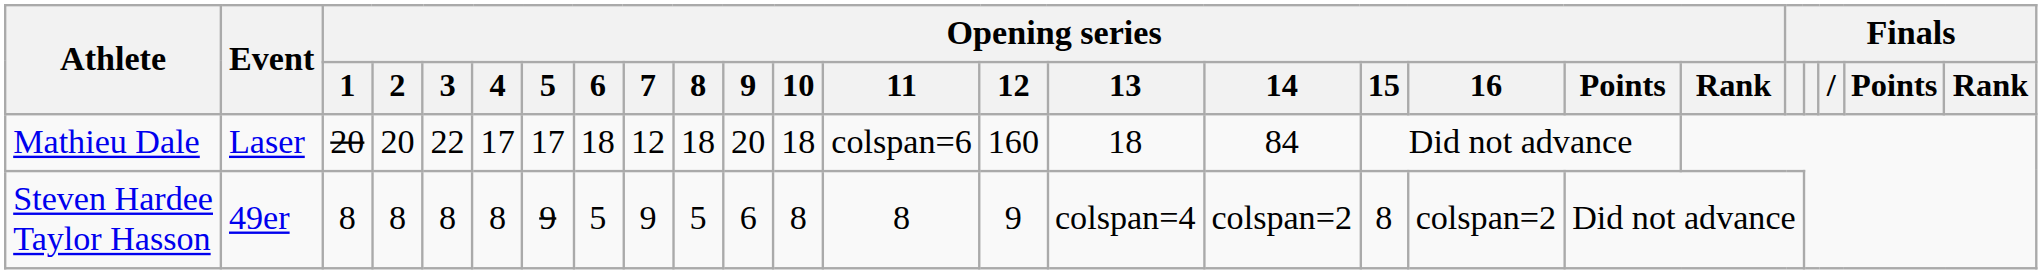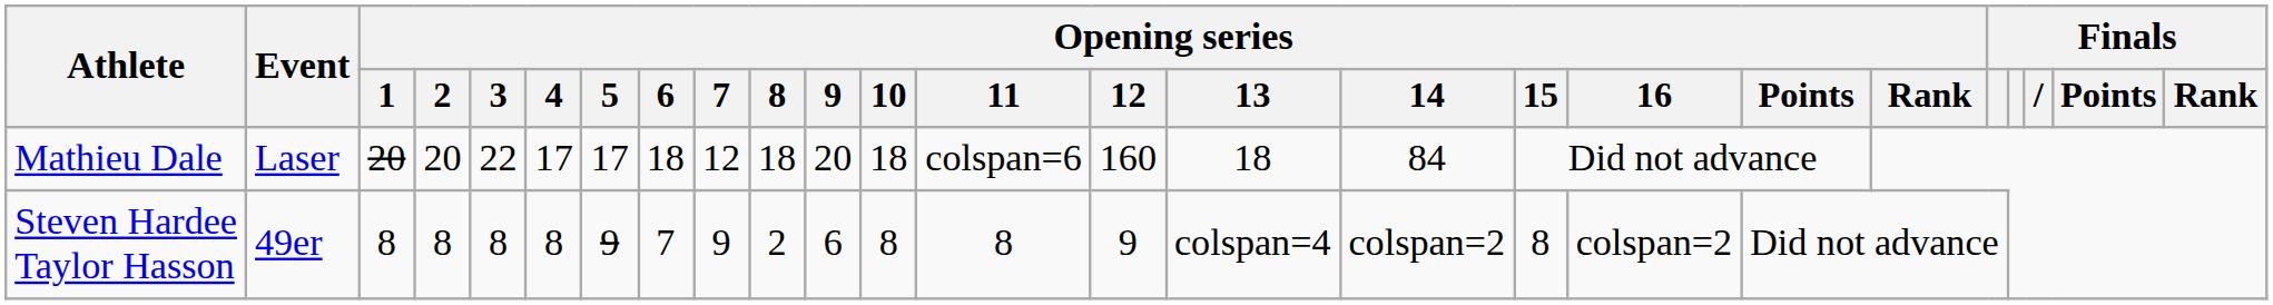 <table class=wikitable style=font-size:90%;text-align:center>
 <tr>
 <th rowspan=2>Athlete</th>
 <th rowspan=2>Event</th>
 <th colspan=18>Opening series</th>
 <th colspan=5>Finals</th>
 </tr>
 <tr style=font-size:95%>
 <th>1</th>
 <th>2</th>
 <th>3</th>
 <th>4</th>
 <th>5</th>
 <th>6</th>
 <th>7</th>
 <th>8</th>
 <th>9</th>
 <th>10</th>
 <th>11</th>
 <th>12</th>
 <th>13</th>
 <th>14</th>
 <th>15</th>
 <th>16</th>
 <th>Points</th>
 <th>Rank</th>
 <th></th>
 <th></th>
 <th> / </th>
 <th>Points</th>
 <th>Rank</th>
 </tr>
 <tr>
 <td align=left><a href='#'>Mathieu Dale</a></td>
 <td align=left><a href='#'>Laser</a></td>
 <td><s>20</s></td>
 <td>20<br></td>
 <td>22</td>
 <td>17</td>
 <td>17</td>
 <td>18</td>
 <td>12<br></td>
 <td>18</td>
 <td>20</td>
 <td>18</td>
 <td>colspan=6 </td>
 <td>160</td>
 <td>18</td>
 <td>84</td>
 <td colspan=3>Did not advance</td>
 </tr>
 <tr>
 <td align=left><a href='#'>Steven Hardee</a><br><a href='#'>Taylor Hasson</a></td>
 <td align=left><a href='#'>49er</a></td>
 <td>8</td>
 <td>8</td>
 <td>8</td>
 <td>8</td>
 <td><s>9<br></s></td>
-<td>5</td>
+<td>7</td>
 <td>9<br></td>
-<td>5</td>
+<td>2</td>
 <td>6</td>
 <td>8</td>
 <td>8</td>
 <td>9<br></td>
 <td>colspan=4 </td>
 <td>colspan=2 </td>
 <td>8</td>
 <td>colspan=2 </td>
 <td colspan=3>Did not advance</td>
 </tr>
 </table>
